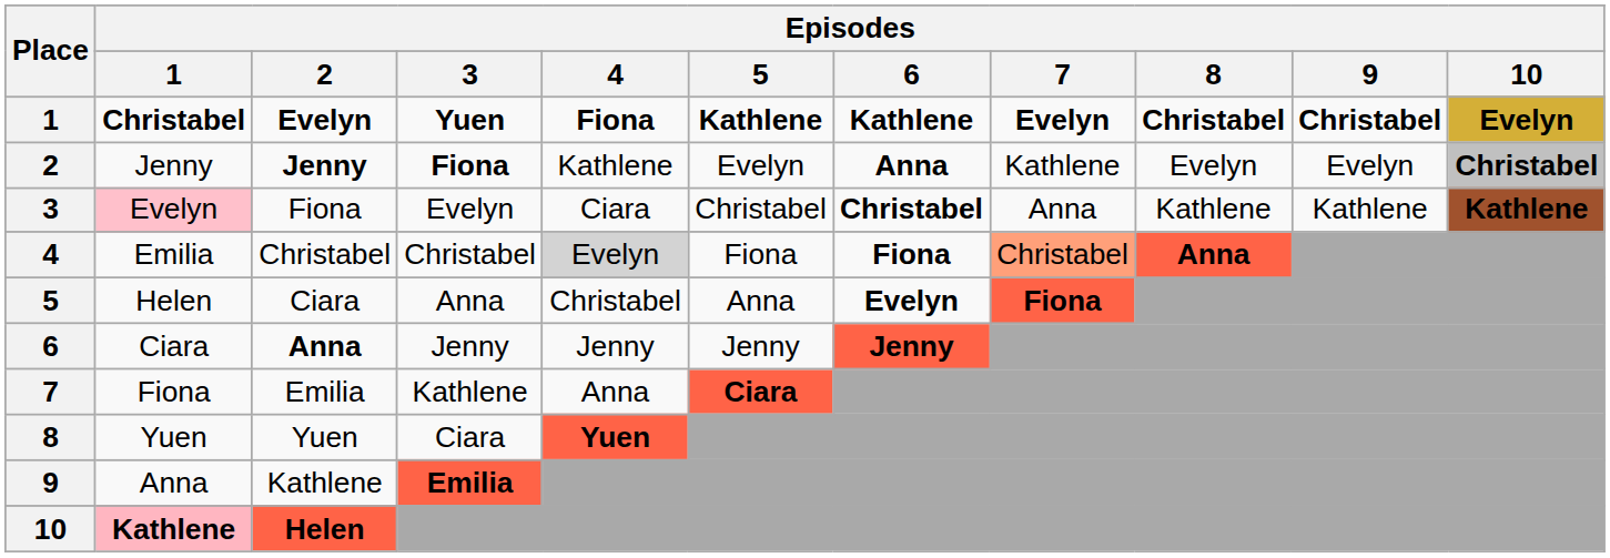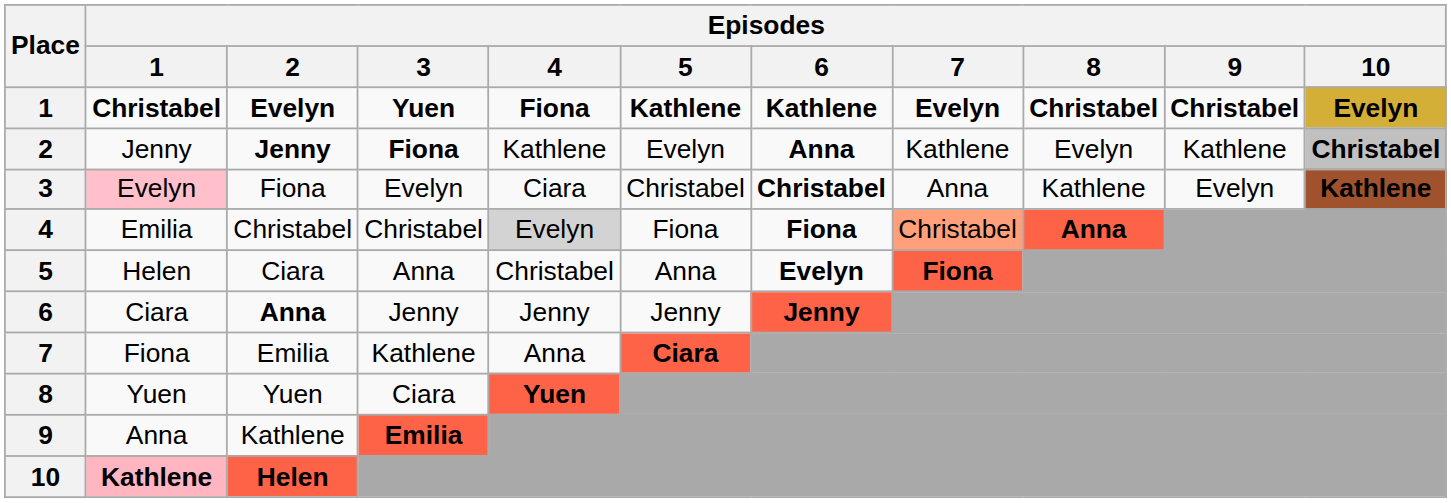 <table class="wikitable" style="text-align:center; font-size:92%">
 <tr>
 <th rowspan="2">Place</th>
 <th colspan="10">Episodes</th>
 </tr>
 <tr>
 <th>1</th>
 <th>2</th>
 <th>3</th>
 <th>4</th>
 <th>5</th>
 <th>6</th>
 <th>7</th>
 <th>8</th>
 <th>9</th>
 <th>10</th>
 </tr>
 <tr>
 <th>1</th>
 <td><strong>Christabel</strong></td>
 <td><strong>Evelyn</strong></td>
 <td><strong>Yuen</strong></td>
 <td><strong>Fiona</strong></td>
 <td><strong>Kathlene</strong></td>
 <td><strong>Kathlene</strong></td>
 <td><strong>Evelyn</strong></td>
 <td><strong>Christabel</strong></td>
 <td><strong>Christabel</strong></td>
 <td style="background:#D4AF37;"><strong>Evelyn</strong></td>
 </tr>
 <tr>
 <th>2</th>
 <td>Jenny</td>
 <td><strong>Jenny</strong></td>
 <td><strong>Fiona</strong></td>
 <td>Kathlene</td>
 <td>Evelyn</td>
 <td><strong>Anna</strong></td>
 <td>Kathlene</td>
 <td>Evelyn</td>
-<td>Evelyn</td>
+<td>Kathlene</td>
 <td style="background:silver;"><strong>Christabel</strong></td>
 </tr>
 <tr>
 <th>3</th>
 <td style="background: pink;">Evelyn</td>
 <td>Fiona</td>
 <td>Evelyn</td>
 <td>Ciara</td>
 <td>Christabel</td>
 <td><strong>Christabel</strong></td>
 <td>Anna</td>
 <td>Kathlene</td>
-<td>Kathlene</td>
+<td>Evelyn</td>
 <td style="background:sienna;"><strong>Kathlene</strong></td>
 </tr>
 <tr>
 <th>4</th>
 <td>Emilia</td>
 <td>Christabel</td>
 <td>Christabel</td>
 <td style="background: lightgrey;">Evelyn</td>
 <td>Fiona</td>
 <td><strong>Fiona</strong></td>
 <td style="background: lightsalmon;">Christabel</td>
 <td style="background:tomato;"><strong>Anna</strong></td>
 <td colspan="2" style="background:darkgrey;"></td>
 </tr>
 <tr>
 <th>5</th>
 <td>Helen</td>
 <td>Ciara</td>
 <td>Anna</td>
 <td>Christabel</td>
 <td>Anna</td>
 <td><strong>Evelyn</strong></td>
 <td style="background:tomato;"><strong>Fiona</strong></td>
 <td colspan="3" style="background:darkgrey;"></td>
 </tr>
 <tr>
 <th>6</th>
 <td>Ciara</td>
 <td><strong>Anna</strong></td>
 <td>Jenny</td>
 <td>Jenny</td>
 <td>Jenny</td>
 <td style="background:tomato;"><strong>Jenny</strong></td>
 <td colspan="4" style="background:darkgrey;"></td>
 </tr>
 <tr>
 <th>7</th>
 <td>Fiona</td>
 <td>Emilia</td>
 <td>Kathlene</td>
 <td>Anna</td>
 <td style="background:tomato;"><strong>Ciara</strong></td>
 <td colspan="5" style="background:darkgrey;"></td>
 </tr>
 <tr>
 <th>8</th>
 <td>Yuen</td>
 <td>Yuen</td>
 <td>Ciara</td>
 <td style="background:tomato;"><strong>Yuen</strong></td>
 <td colspan="6" style="background:darkgrey;"></td>
 </tr>
 <tr>
 <th>9</th>
 <td>Anna</td>
 <td>Kathlene</td>
 <td style="background:tomato;"><strong>Emilia</strong></td>
 <td colspan="7" style="background:darkgrey;"></td>
 </tr>
 <tr>
 <th>10</th>
 <td style="background:lightpink;"><strong>Kathlene</strong></td>
 <td style="background:tomato;"><strong>Helen</strong></td>
 <td colspan="8" style="background:darkgrey;" Kathlene></td>
 </tr>
 </table>
